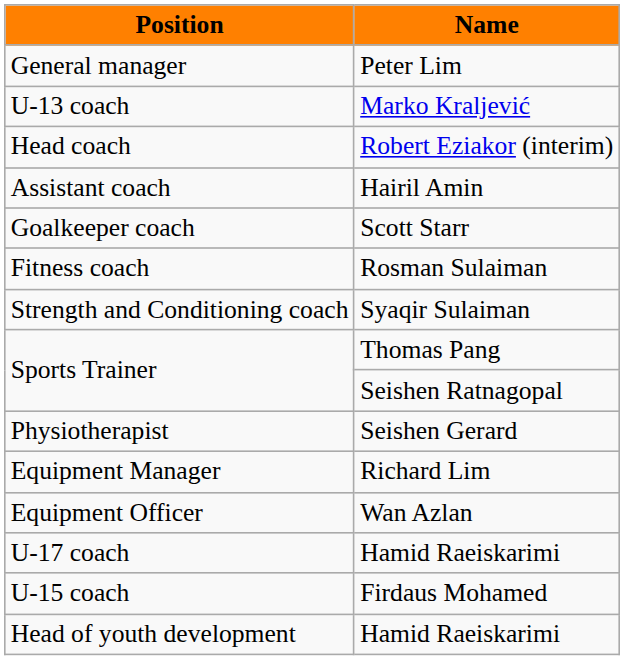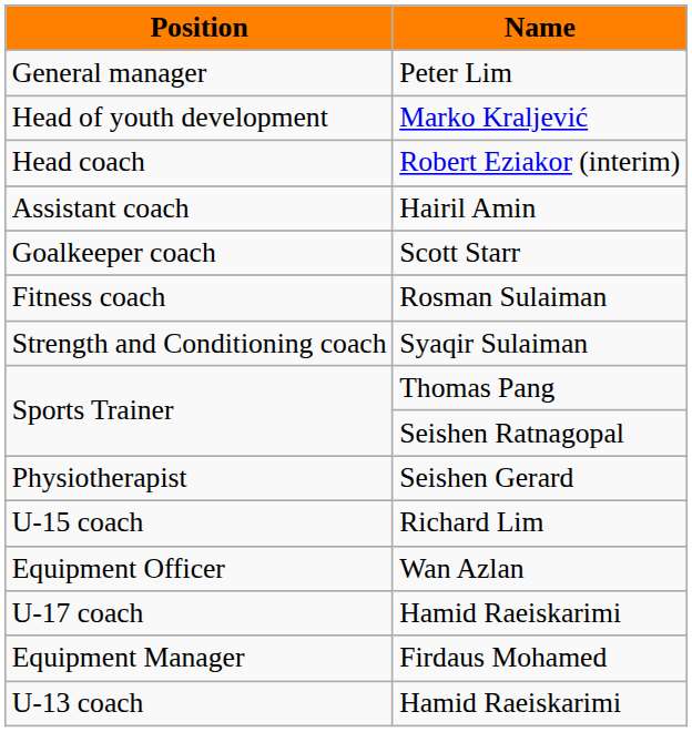 <table class="wikitable">
 <tr>
 <th style="background:#FF8000; color:black; text-align:center;">Position</th>
 <th style="background:#FF8000; color:black; text-align:center;">Name</th>
 </tr>
 <tr>
 <td>General manager</td>
 <td> Peter Lim</td>
 </tr>
 <tr>
-<td>U-13 coach</td>
+<td>Head of youth development</td>
 <td> <a href='#'>Marko Kraljević</a></td>
 </tr>
 <tr>
 <td>Head coach</td>
 <td> <a href='#'>Robert Eziakor</a> (interim)</td>
 </tr>
 <tr>
 <td>Assistant coach</td>
 <td> Hairil Amin</td>
 </tr>
 <tr>
 <td>Goalkeeper coach</td>
 <td> Scott Starr</td>
 </tr>
 <tr>
 <td>Fitness coach</td>
 <td> Rosman Sulaiman</td>
 </tr>
 <tr>
 <td>Strength and Conditioning coach</td>
 <td> Syaqir Sulaiman</td>
 </tr>
 <tr>
 <td rowspan="2">Sports Trainer</td>
 <td> Thomas Pang</td>
 </tr>
 <tr>
 <td> Seishen Ratnagopal</td>
 </tr>
 <tr>
 <td>Physiotherapist</td>
 <td> Seishen Gerard</td>
 </tr>
 <tr>
-<td>Equipment Manager</td>
+<td>U-15 coach</td>
 <td> Richard Lim</td>
 </tr>
 <tr>
 <td>Equipment Officer</td>
 <td> Wan Azlan</td>
 </tr>
 <tr>
 <td>U-17 coach</td>
 <td> Hamid Raeiskarimi</td>
 </tr>
 <tr>
-<td>U-15 coach</td>
+<td>Equipment Manager</td>
 <td> Firdaus Mohamed</td>
 </tr>
 <tr>
-<td>Head of youth development</td>
+<td>U-13 coach</td>
 <td> Hamid Raeiskarimi</td>
 </tr>
 </table>
